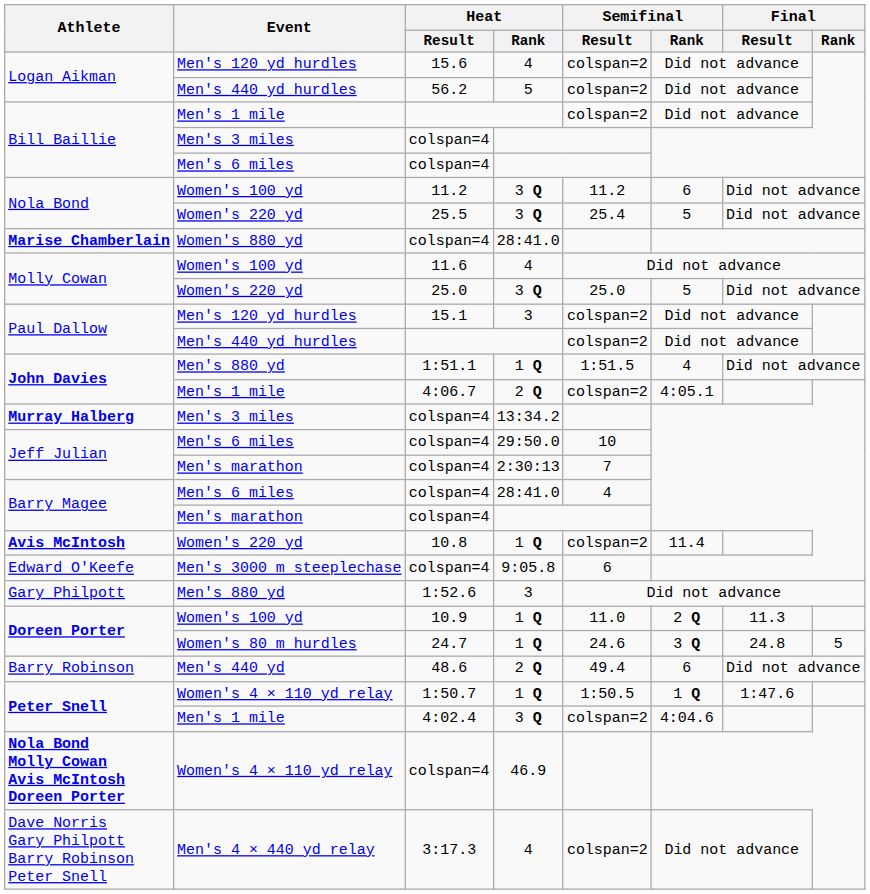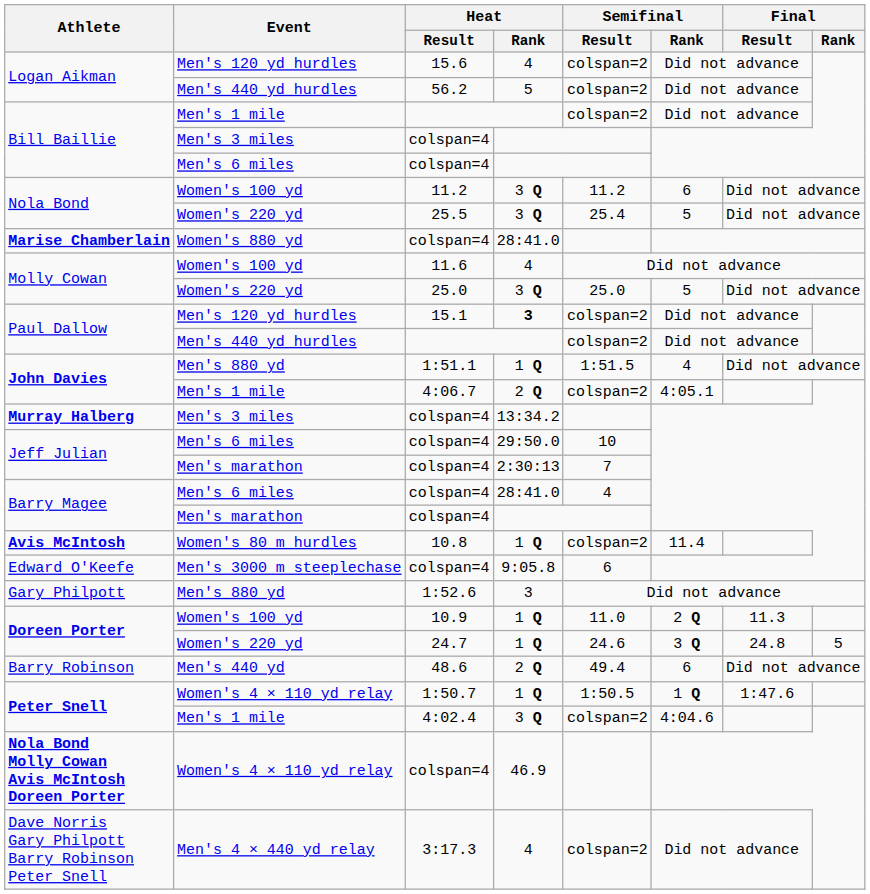 <table class=wikitable style=font-size:90%>
 <tr>
 <th rowspan=2>Athlete</th>
 <th rowspan=2>Event</th>
 <th colspan=2>Heat</th>
 <th colspan=2>Semifinal</th>
 <th colspan=2>Final</th>
 </tr>
 <tr style=font-size:95%>
 <th>Result</th>
 <th>Rank</th>
 <th>Result</th>
 <th>Rank</th>
 <th>Result</th>
 <th>Rank</th>
 </tr>
 <tr align=center>
 <td align=left rowspan=2><a href='#'>Logan Aikman</a></td>
 <td align=left><a href='#'>Men's 120 yd hurdles</a></td>
 <td>15.6</td>
 <td>4</td>
 <td>colspan=2 </td>
 <td colspan=2>Did not advance</td>
 </tr>
 <tr align=center>
 <td align=left><a href='#'>Men's 440 yd hurdles</a></td>
 <td>56.2</td>
 <td>5</td>
 <td>colspan=2 </td>
 <td colspan=2>Did not advance</td>
 </tr>
 <tr align=center>
 <td align=left rowspan=3><a href='#'>Bill Baillie</a></td>
 <td align=left><a href='#'>Men's 1 mile</a></td>
 <td colspan=2></td>
 <td>colspan=2 </td>
 <td colspan=2>Did not advance</td>
 </tr>
 <tr align=center>
 <td align=left><a href='#'>Men's 3 miles</a></td>
 <td>colspan=4 </td>
 <td colspan=2></td>
 </tr>
 <tr align=center>
 <td align=left><a href='#'>Men's 6 miles</a></td>
 <td>colspan=4 </td>
 <td colspan=2></td>
 </tr>
 <tr align=center>
 <td align=left rowspan=2><a href='#'>Nola Bond</a></td>
 <td align=left><a href='#'>Women's 100 yd</a></td>
 <td>11.2</td>
 <td>3 <strong>Q</strong></td>
 <td>11.2</td>
 <td>6</td>
 <td colspan=2>Did not advance</td>
 </tr>
 <tr align=center>
 <td align=left><a href='#'>Women's 220 yd</a></td>
 <td>25.5</td>
 <td>3 <strong>Q</strong></td>
 <td>25.4</td>
 <td>5</td>
 <td colspan=2>Did not advance</td>
 </tr>
 <tr align=center>
 <td align=left><strong><a href='#'>Marise Chamberlain</a></strong></td>
 <td align=left><a href='#'>Women's 880 yd</a></td>
 <td>colspan=4 </td>
 <td>28:41.0</td>
 <td></td>
 </tr>
 <tr align=center>
 <td align=left rowspan=2><a href='#'>Molly Cowan</a></td>
 <td align=left><a href='#'>Women's 100 yd</a></td>
 <td>11.6</td>
 <td>4</td>
 <td colspan=4>Did not advance</td>
 </tr>
 <tr align=center>
 <td align=left><a href='#'>Women's 220 yd</a></td>
 <td>25.0</td>
 <td>3 <strong>Q</strong></td>
 <td>25.0</td>
 <td>5</td>
 <td colspan=2>Did not advance</td>
 </tr>
 <tr align=center>
 <td align=left rowspan=2><a href='#'>Paul Dallow</a></td>
 <td align=left><a href='#'>Men's 120 yd hurdles</a></td>
 <td>15.1</td>
-<td>3</td>
+<td><strong>3</strong></td>
 <td>colspan=2 </td>
 <td colspan=2>Did not advance</td>
 </tr>
 <tr align=center>
 <td align=left><a href='#'>Men's 440 yd hurdles</a></td>
 <td colspan=2></td>
 <td>colspan=2 </td>
 <td colspan=2>Did not advance</td>
 </tr>
 <tr align=center>
 <td align=left rowspan=2><strong><a href='#'>John Davies</a></strong></td>
 <td align=left><a href='#'>Men's 880 yd</a></td>
 <td>1:51.1</td>
 <td>1 <strong>Q</strong></td>
 <td>1:51.5</td>
 <td>4</td>
 <td colspan=2>Did not advance</td>
 </tr>
 <tr align=center>
 <td align=left><a href='#'>Men's 1 mile</a></td>
 <td>4:06.7</td>
 <td>2 <strong>Q</strong></td>
 <td>colspan=2 </td>
 <td>4:05.1</td>
 <td></td>
 </tr>
 <tr align=center>
 <td align=left><strong><a href='#'>Murray Halberg</a></strong></td>
 <td align=left><a href='#'>Men's 3 miles</a></td>
 <td>colspan=4 </td>
 <td>13:34.2</td>
 <td></td>
 </tr>
 <tr align=center>
 <td align=left rowspan=2><a href='#'>Jeff Julian</a></td>
 <td align=left><a href='#'>Men's 6 miles</a></td>
 <td>colspan=4 </td>
 <td>29:50.0</td>
 <td>10</td>
 </tr>
 <tr align=center>
 <td align=left><a href='#'>Men's marathon</a></td>
 <td>colspan=4 </td>
 <td>2:30:13</td>
 <td>7</td>
 </tr>
 <tr align=center>
 <td align=left rowspan=2><a href='#'>Barry Magee</a></td>
 <td align=left><a href='#'>Men's 6 miles</a></td>
 <td>colspan=4 </td>
 <td>28:41.0</td>
 <td>4</td>
 </tr>
 <tr align=center>
 <td align=left><a href='#'>Men's marathon</a></td>
 <td>colspan=4 </td>
 <td colspan=2></td>
 </tr>
 <tr align=center>
 <td align=left><strong><a href='#'>Avis McIntosh</a></strong></td>
-<td align=left><a href='#'>Women's 220 yd</a></td>
+<td align=left><a href='#'>Women's 80 m hurdles</a></td>
 <td>10.8</td>
 <td>1 <strong>Q</strong></td>
 <td>colspan=2 </td>
 <td>11.4</td>
 <td></td>
 </tr>
 <tr align=center>
 <td align=left><a href='#'>Edward O'Keefe</a></td>
 <td align=left><a href='#'>Men's 3000 m steeplechase</a></td>
 <td>colspan=4 </td>
 <td>9:05.8</td>
 <td>6</td>
 </tr>
 <tr align=center>
 <td align=left><a href='#'>Gary Philpott</a></td>
 <td align=left><a href='#'>Men's 880 yd</a></td>
 <td>1:52.6</td>
 <td>3</td>
 <td colspan=4>Did not advance</td>
 </tr>
 <tr align=center>
 <td align=left rowspan=2><strong><a href='#'>Doreen Porter</a></strong></td>
 <td align=left><a href='#'>Women's 100 yd</a></td>
 <td>10.9</td>
 <td>1 <strong>Q</strong></td>
 <td>11.0</td>
 <td>2 <strong>Q</strong></td>
 <td>11.3</td>
 <td></td>
 </tr>
 <tr align=center>
-<td align=left><a href='#'>Women's 80 m hurdles</a></td>
+<td align=left><a href='#'>Women's 220 yd</a></td>
 <td>24.7</td>
 <td>1 <strong>Q</strong></td>
 <td>24.6</td>
 <td>3 <strong>Q</strong></td>
 <td>24.8</td>
 <td>5</td>
 </tr>
 <tr align=center>
 <td align=left><a href='#'>Barry Robinson</a></td>
 <td align=left><a href='#'>Men's 440 yd</a></td>
 <td>48.6</td>
 <td>2 <strong>Q</strong></td>
 <td>49.4</td>
 <td>6</td>
 <td colspan=2>Did not advance</td>
 </tr>
 <tr align=center>
 <td align=left rowspan=2><strong><a href='#'>Peter Snell</a></strong></td>
 <td align=left><a href='#'>Women's 4 × 110 yd relay</a></td>
 <td>1:50.7</td>
 <td>1 <strong>Q</strong></td>
 <td>1:50.5</td>
 <td>1 <strong>Q</strong></td>
 <td>1:47.6 </td>
 <td></td>
 </tr>
 <tr align=center>
 <td align=left><a href='#'>Men's 1 mile</a></td>
 <td>4:02.4</td>
 <td>3 <strong>Q</strong></td>
 <td>colspan=2 </td>
 <td>4:04.6</td>
 <td></td>
 </tr>
 <tr align=center>
 <td align=left><strong><a href='#'>Nola Bond</a><br><a href='#'>Molly Cowan</a><br><a href='#'>Avis McIntosh</a><br><a href='#'>Doreen Porter</a></strong></td>
 <td align=left><a href='#'>Women's 4 × 110 yd relay</a></td>
 <td>colspan=4 </td>
 <td>46.9</td>
 <td></td>
 </tr>
 <tr align=center>
 <td align=left><a href='#'>Dave Norris</a><br><a href='#'>Gary Philpott</a><br><a href='#'>Barry Robinson</a><br><a href='#'>Peter Snell</a></td>
 <td align=left><a href='#'>Men's 4 × 440 yd relay</a></td>
 <td>3:17.3</td>
 <td>4</td>
 <td>colspan=2 </td>
 <td colspan=2>Did not advance</td>
 </tr>
 </table>
